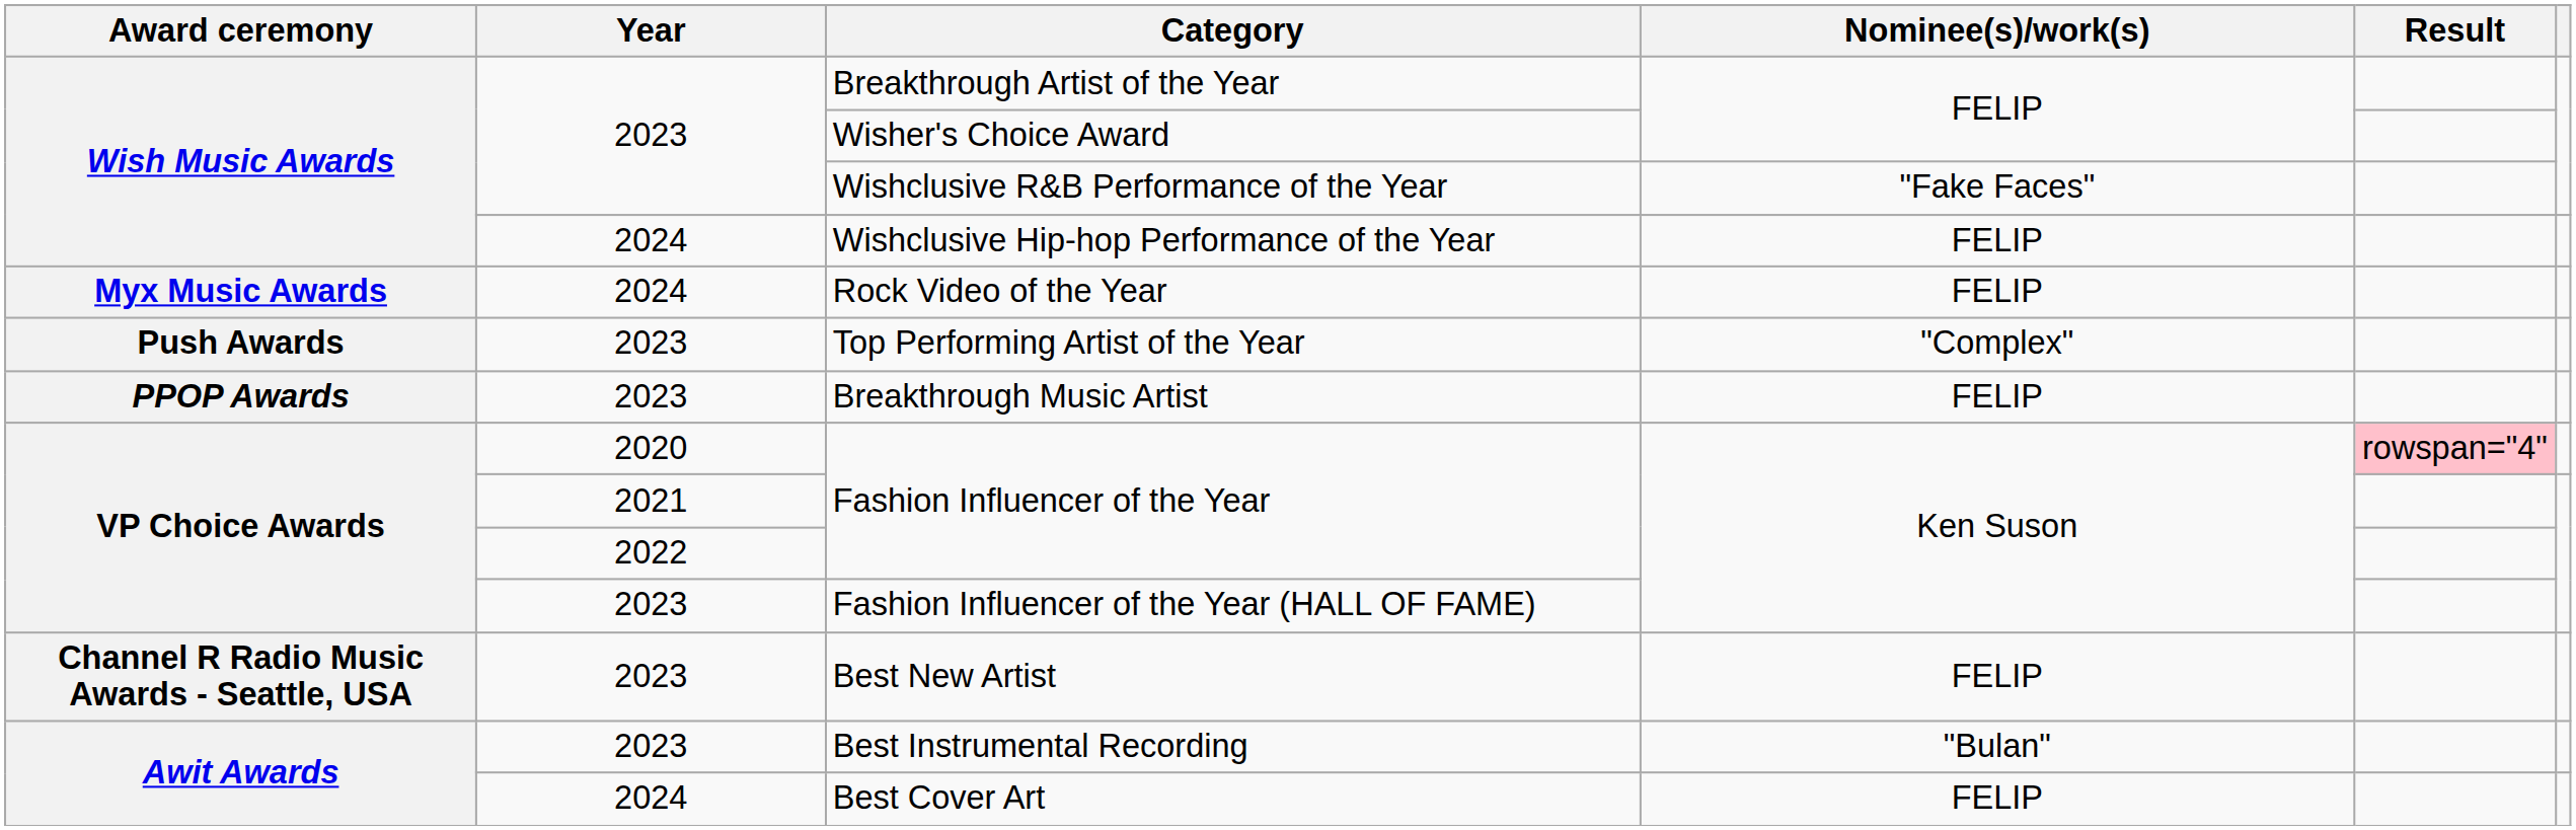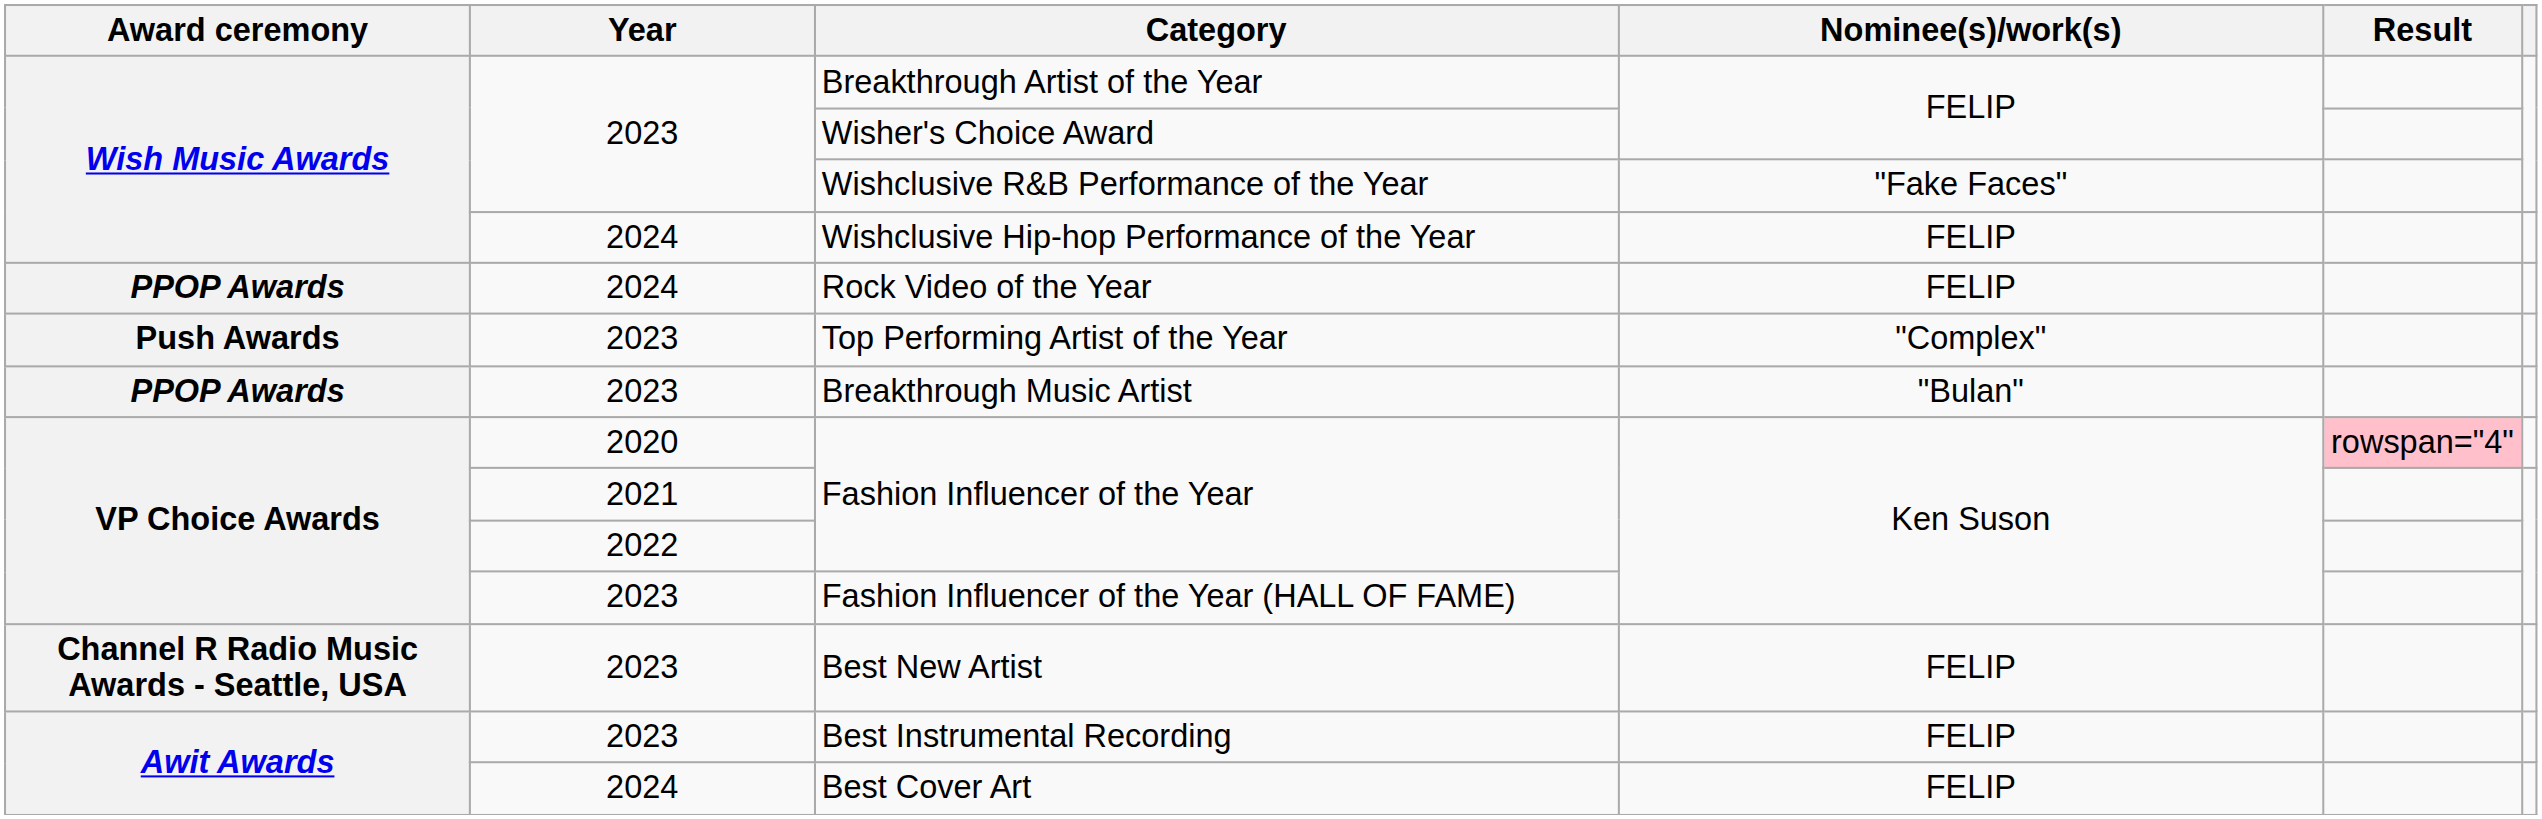 <table class="wikitable sortable plainrowheaders">
 <tr>
 <th width="20%">Award ceremony</th>
 <th width="15%">Year</th>
 <th width="35%">Category</th>
 <th width="35%">Nominee(s)/work(s)</th>
 <th width="15%">Result</th>
 <th width="5%" class="unsortable"></th>
 </tr>
 <tr>
 <th rowspan="4"><em><a href='#'>Wish Music Awards</a></em></th>
 <td rowspan="3" align="center">2023</td>
 <td>Breakthrough Artist of the Year</td>
 <td rowspan="2" scope="row" align="center">FELIP</td>
 <td></td>
 <td rowspan="3" align="center"></td>
 </tr>
 <tr>
 <td>Wisher's Choice Award</td>
 <td></td>
 </tr>
 <tr>
 <td>Wishclusive R&B Performance of the Year</td>
 <td align="center">"Fake Faces"</td>
 <td></td>
 </tr>
 <tr>
 <td rowspan="1" align="center">2024</td>
 <td>Wishclusive Hip-hop Performance of the Year</td>
 <td align="center">FELIP</td>
 <td></td>
 <td align="center"></td>
 </tr>
 <tr>
-<th><a href='#'>Myx Music Awards</a></th>
+<th rowspan="1"><em>PPOP Awards</em></th>
 <td rowspan="1" align="center">2024</td>
 <td>Rock Video of the Year</td>
 <td align="center">FELIP</td>
 <td></td>
 <td align="center"></td>
 </tr>
 <tr>
 <th>Push Awards</th>
 <td rowspan="1" align="center">2023</td>
 <td>Top Performing Artist of the Year</td>
 <td align="center">"Complex"</td>
 <td></td>
 <td align="center"></td>
 </tr>
 <tr>
 <th rowspan="1"><em>PPOP Awards</em></th>
 <td rowspan="1" align="center">2023</td>
 <td>Breakthrough Music Artist</td>
-<td align="center">FELIP</td>
+<td rowspan="1" scope="row" align="center">"Bulan"</td>
 <td></td>
 <td align="center"></td>
 </tr>
 <tr>
 <th rowspan="4">VP Choice Awards</th>
 <td align="center">2020</td>
 <td rowspan="3">Fashion Influencer of the Year</td>
 <td rowspan="4" align="center">Ken Suson</td>
 <td style="background: pink;">rowspan="4" </td>
 <td align="center"></td>
 </tr>
 <tr>
 <td rowspan="1" align="center">2021</td>
 <td align="center"></td>
 </tr>
 <tr>
 <td rowspan="1" align="center">2022</td>
 <td align="center"></td>
 </tr>
 <tr>
 <td rowspan="1" align="center">2023</td>
 <td>Fashion Influencer of the Year (HALL OF FAME)</td>
 <td align="center"></td>
 </tr>
 <tr>
 <th rowspan="1" scope="row">Channel R Radio Music Awards - Seattle, USA</th>
 <td rowspan="1" align="center">2023</td>
 <td>Best New Artist</td>
 <td align="center">FELIP</td>
 <td></td>
 <td rowspan="1" align="center"></td>
 </tr>
 <tr>
 <th rowspan="2" scope="row"><em><a href='#'>Awit Awards</a></em></th>
 <td rowspan="1" align="center">2023</td>
 <td scope="row">Best Instrumental Recording</td>
-<td rowspan="1" scope="row" align="center">"Bulan"</td>
+<td align="center">FELIP</td>
 <td></td>
 <td rowspan="1" align="center"></td>
 </tr>
 <tr>
 <td align="center">2024</td>
 <td>Best Cover Art</td>
 <td align="center">FELIP</td>
 <td></td>
 <td align="center"></td>
 </tr>
 </table>
